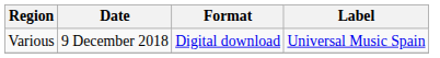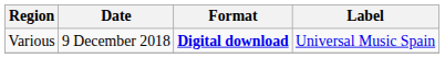 <table class=wikitable>
 <tr>
 <th>Region</th>
 <th>Date</th>
 <th>Format</th>
 <th>Label</th>
 </tr>
 <tr>
 <td>Various</td>
 <td>9 December 2018</td>
-<td><a href='#'>Digital download</a></td>
+<td><strong><a href='#'>Digital download</a></strong></td>
 <td><a href='#'>Universal Music Spain</a></td>
 </tr>
 <tr>
 </tr>
 </table>
